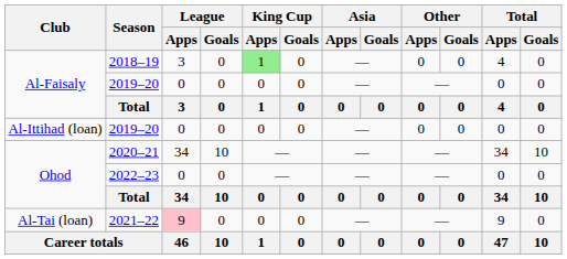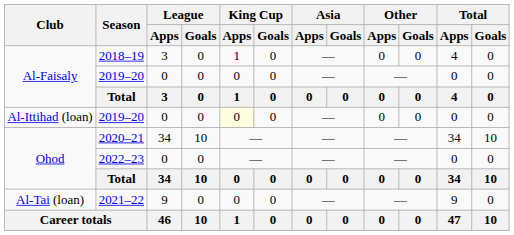 <table class="wikitable" style="text-align: center">
 <tr>
 <th rowspan=2>Club</th>
 <th rowspan=2>Season</th>
 <th colspan=2>League</th>
 <th colspan=2>King Cup</th>
 <th colspan=2>Asia</th>
 <th colspan=2>Other</th>
 <th colspan=2>Total</th>
 </tr>
 <tr>
 <th>Apps</th>
 <th>Goals</th>
 <th>Apps</th>
 <th>Goals</th>
 <th>Apps</th>
 <th>Goals</th>
 <th>Apps</th>
 <th>Goals</th>
 <th>Apps</th>
 <th>Goals</th>
 </tr>
 <tr>
 <td rowspan=3><a href='#'>Al-Faisaly</a></td>
 <td><a href='#'>2018–19</a></td>
 <td>3</td>
 <td>0</td>
-<td style="background: lightgreen;">1</td>
+<td>1</td>
 <td>0</td>
 <td colspan=2>—</td>
 <td>0</td>
 <td>0</td>
 <td>4</td>
 <td>0</td>
 </tr>
 <tr>
 <td><a href='#'>2019–20</a></td>
 <td>0</td>
 <td>0</td>
 <td>0</td>
 <td>0</td>
 <td colspan=2>—</td>
 <td colspan=2>—</td>
 <td>0</td>
 <td>0</td>
 </tr>
 <tr>
 <th>Total</th>
 <th>3</th>
 <th>0</th>
 <th>1</th>
 <th>0</th>
 <th>0</th>
 <th>0</th>
 <th>0</th>
 <th>0</th>
 <th>4</th>
 <th>0</th>
 </tr>
 <tr>
 <td rowspan=1><a href='#'>Al-Ittihad</a> (loan)</td>
 <td><a href='#'>2019–20</a></td>
 <td>0</td>
 <td>0</td>
-<td>0</td>
+<td style="background: lightyellow;">0</td>
 <td>0</td>
 <td colspan=2>—</td>
 <td>0</td>
 <td>0</td>
 <td>0</td>
 <td>0</td>
 </tr>
 <tr>
 <td rowspan=3><a href='#'>Ohod</a></td>
 <td><a href='#'>2020–21</a></td>
 <td>34</td>
 <td>10</td>
 <td colspan=2>—</td>
 <td colspan=2>—</td>
 <td colspan=2>—</td>
 <td>34</td>
 <td>10</td>
 </tr>
 <tr>
 <td><a href='#'>2022–23</a></td>
 <td>0</td>
 <td>0</td>
 <td colspan=2>—</td>
 <td colspan=2>—</td>
 <td colspan=2>—</td>
 <td>0</td>
 <td>0</td>
 </tr>
 <tr>
 <th>Total</th>
 <th>34</th>
 <th>10</th>
 <th>0</th>
 <th>0</th>
 <th>0</th>
 <th>0</th>
 <th>0</th>
 <th>0</th>
 <th>34</th>
 <th>10</th>
 </tr>
 <tr>
 <td rowspan=1><a href='#'>Al-Tai</a> (loan)</td>
 <td><a href='#'>2021–22</a></td>
-<td style="background: pink;">9</td>
+<td>9</td>
 <td>0</td>
 <td>0</td>
 <td>0</td>
 <td colspan=2>—</td>
 <td colspan=2>—</td>
 <td>9</td>
 <td>0</td>
 </tr>
 <tr>
 <th colspan=2>Career totals</th>
 <th>46</th>
 <th>10</th>
 <th>1</th>
 <th>0</th>
 <th>0</th>
 <th>0</th>
 <th>0</th>
 <th>0</th>
 <th>47</th>
 <th>10</th>
 </tr>
 </table>
